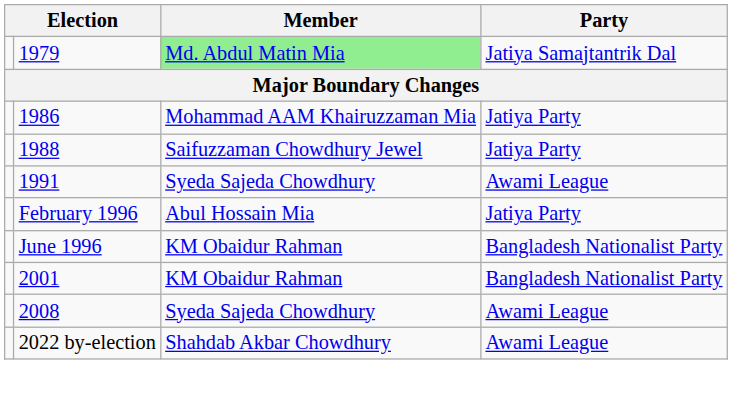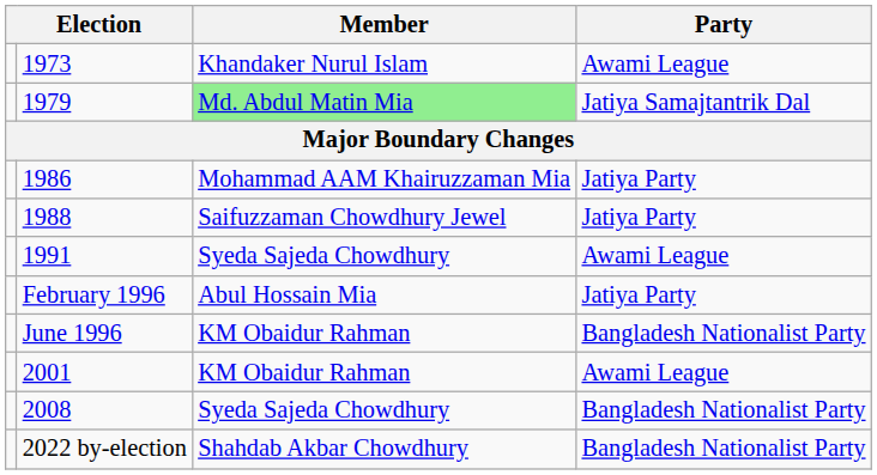 <table class="wikitable">
 <tr>
 <th colspan="2">Election</th>
 <th>Member</th>
 <th>Party</th>
+</tr>
+<tr>
+<td style="background-color:"></td>
+<td><a href='#'>1973</a></td>
+<td><a href='#'>Khandaker Nurul Islam</a></td>
+<td><a href='#'>Awami League</a></td>
 </tr>
 <tr>
 <td style="background-color:"></td>
 <td><a href='#'>1979</a></td>
 <td style="background: lightgreen;"><a href='#'>Md. Abdul Matin Mia</a></td>
 <td><a href='#'>Jatiya Samajtantrik Dal</a></td>
 </tr>
 <tr>
 <th colspan="4">Major Boundary Changes</th>
 </tr>
 <tr>
 <td style="background-color:"></td>
 <td><a href='#'>1986</a></td>
 <td><a href='#'>Mohammad AAM Khairuzzaman Mia</a></td>
 <td><a href='#'>Jatiya Party</a></td>
 </tr>
 <tr>
 <td style="background-color:"></td>
 <td><a href='#'>1988</a></td>
 <td><a href='#'>Saifuzzaman Chowdhury Jewel</a></td>
 <td><a href='#'>Jatiya Party</a></td>
 </tr>
 <tr>
 <td style="background-color:"></td>
 <td><a href='#'>1991</a></td>
 <td><a href='#'>Syeda Sajeda Chowdhury</a></td>
 <td><a href='#'>Awami League</a></td>
 </tr>
 <tr>
 <td style="background-color:"></td>
 <td><a href='#'>February 1996</a></td>
 <td><a href='#'>Abul Hossain Mia</a></td>
 <td><a href='#'>Jatiya Party</a></td>
 </tr>
 <tr>
 <td style="background-color:"></td>
 <td><a href='#'>June 1996</a></td>
 <td><a href='#'>KM Obaidur Rahman</a></td>
 <td><a href='#'>Bangladesh Nationalist Party</a></td>
 </tr>
 <tr>
 <td style="background-color:"></td>
 <td><a href='#'>2001</a></td>
 <td><a href='#'>KM Obaidur Rahman</a></td>
-<td><a href='#'>Bangladesh Nationalist Party</a></td>
+<td><a href='#'>Awami League</a></td>
 </tr>
 <tr>
 <td style="background-color:"></td>
 <td><a href='#'>2008</a></td>
 <td><a href='#'>Syeda Sajeda Chowdhury</a></td>
-<td><a href='#'>Awami League</a></td>
+<td><a href='#'>Bangladesh Nationalist Party</a></td>
 </tr>
 <tr>
 <td style="background-color:"></td>
 <td>2022 by-election</td>
 <td><a href='#'>Shahdab Akbar Chowdhury</a></td>
-<td><a href='#'>Awami League</a></td>
+<td><a href='#'>Bangladesh Nationalist Party</a></td>
 </tr>
 </table>
